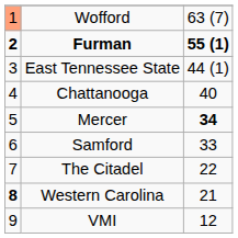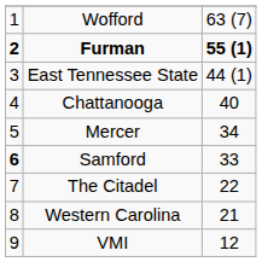 <table class="wikitable" style="display: inline-table;">
 <tr align="center">
 </tr>
 <tr align="center">
-<td style="background: lightsalmon;">1</td>
+<td>1</td>
 <td>Wofford</td>
 <td>63 (7)</td>
 </tr>
 <tr align="center">
 <td><strong>2</strong></td>
 <td><strong>Furman</strong></td>
 <td><strong>55 (1)</strong></td>
 </tr>
 <tr align="center">
 <td>3</td>
 <td>East Tennessee State</td>
 <td>44 (1)</td>
 </tr>
 <tr align="center">
 <td>4</td>
 <td>Chattanooga</td>
 <td>40</td>
 </tr>
 <tr align="center">
 <td>5</td>
 <td>Mercer</td>
-<td><strong>34</strong></td>
+<td>34</td>
 </tr>
 <tr align="center">
-<td>6</td>
+<td><strong>6</strong></td>
 <td>Samford</td>
 <td>33</td>
 </tr>
 <tr align="center">
 <td>7</td>
 <td>The Citadel</td>
 <td>22</td>
 </tr>
 <tr align="center">
-<td><strong>8</strong></td>
+<td>8</td>
 <td>Western Carolina</td>
 <td>21</td>
 </tr>
 <tr align="center">
 <td>9</td>
 <td>VMI</td>
 <td>12</td>
 </tr>
 </table>
